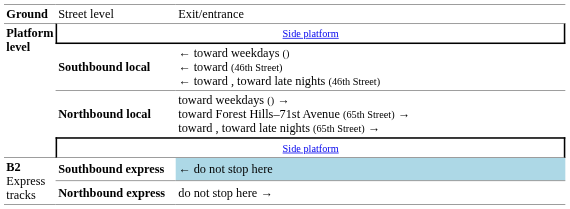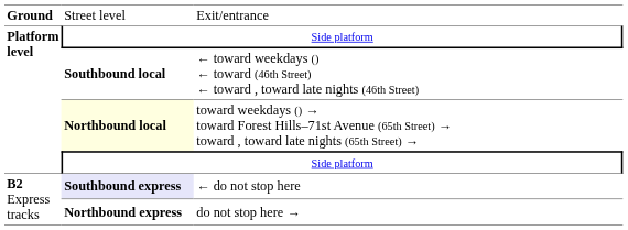 <table border=0 cellspacing=0 cellpadding=3>
 <tr>
 <td style="border-top:solid 1px gray;" width=50><strong>Ground</strong></td>
 <td style="border-top:solid 1px gray;" width=150>Street level</td>
 <td style="border-top:solid 1px gray;" width=500>Exit/entrance<br></td>
 </tr>
 <tr>
 <td style="border-top:solid 1px gray;border-bottom:solid 1px gray;" rowspan=4 valign=top><strong>Platform level</strong></td>
 <td style="border-top:solid 1px gray;border-right:solid 2px black;border-left:solid 2px black;border-bottom:solid 2px black;text-align:center;" colspan=2><small><a href='#'>Side platform</a></small></td>
 </tr>
 <tr>
 <td><strong>Southbound local</strong></td>
 <td>←  toward  weekdays <small>()</small><br>←  toward  <small>(46th Street)</small><br>←  toward ,  toward  late nights <small>(46th Street)</small></td>
 </tr>
 <tr>
-<td style="border-top:solid 1px gray;"><strong>Northbound local</strong></td>
+<td style="background: lightyellow; border-top:solid 1px gray;"><strong>Northbound local</strong></td>
 <td style="border-top:solid 1px gray;">  toward  weekdays <small>()</small> →<br>  toward Forest Hills–71st Avenue <small>(65th Street)</small> →<br>  toward ,  toward  late nights  <small>(65th Street)</small> →</td>
 </tr>
 <tr>
 <td style="border-top:solid 2px black;border-right:solid 2px black;border-left:solid 2px black;border-bottom:solid 1px gray;text-align:center;" colspan=2><small><a href='#'>Side platform</a> </small></td>
 </tr>
 <tr>
 <td style="border-bottom:solid 1px gray;" rowspan=2 valign=top><strong>B2</strong><br>Express tracks</td>
-<td><strong>Southbound express</strong></td>
-<td style="background: lightblue;">←  do not stop here</td>
+<td style="background: lavender;"><strong>Southbound express</strong></td>
+<td>←  do not stop here</td>
 </tr>
 <tr>
 <td style="border-top:solid 1px gray;border-bottom:solid 1px gray;"><strong>Northbound express</strong></td>
 <td style="border-top:solid 1px gray;border-bottom:solid 1px gray;">  do not stop here →</td>
 </tr>
 </table>
